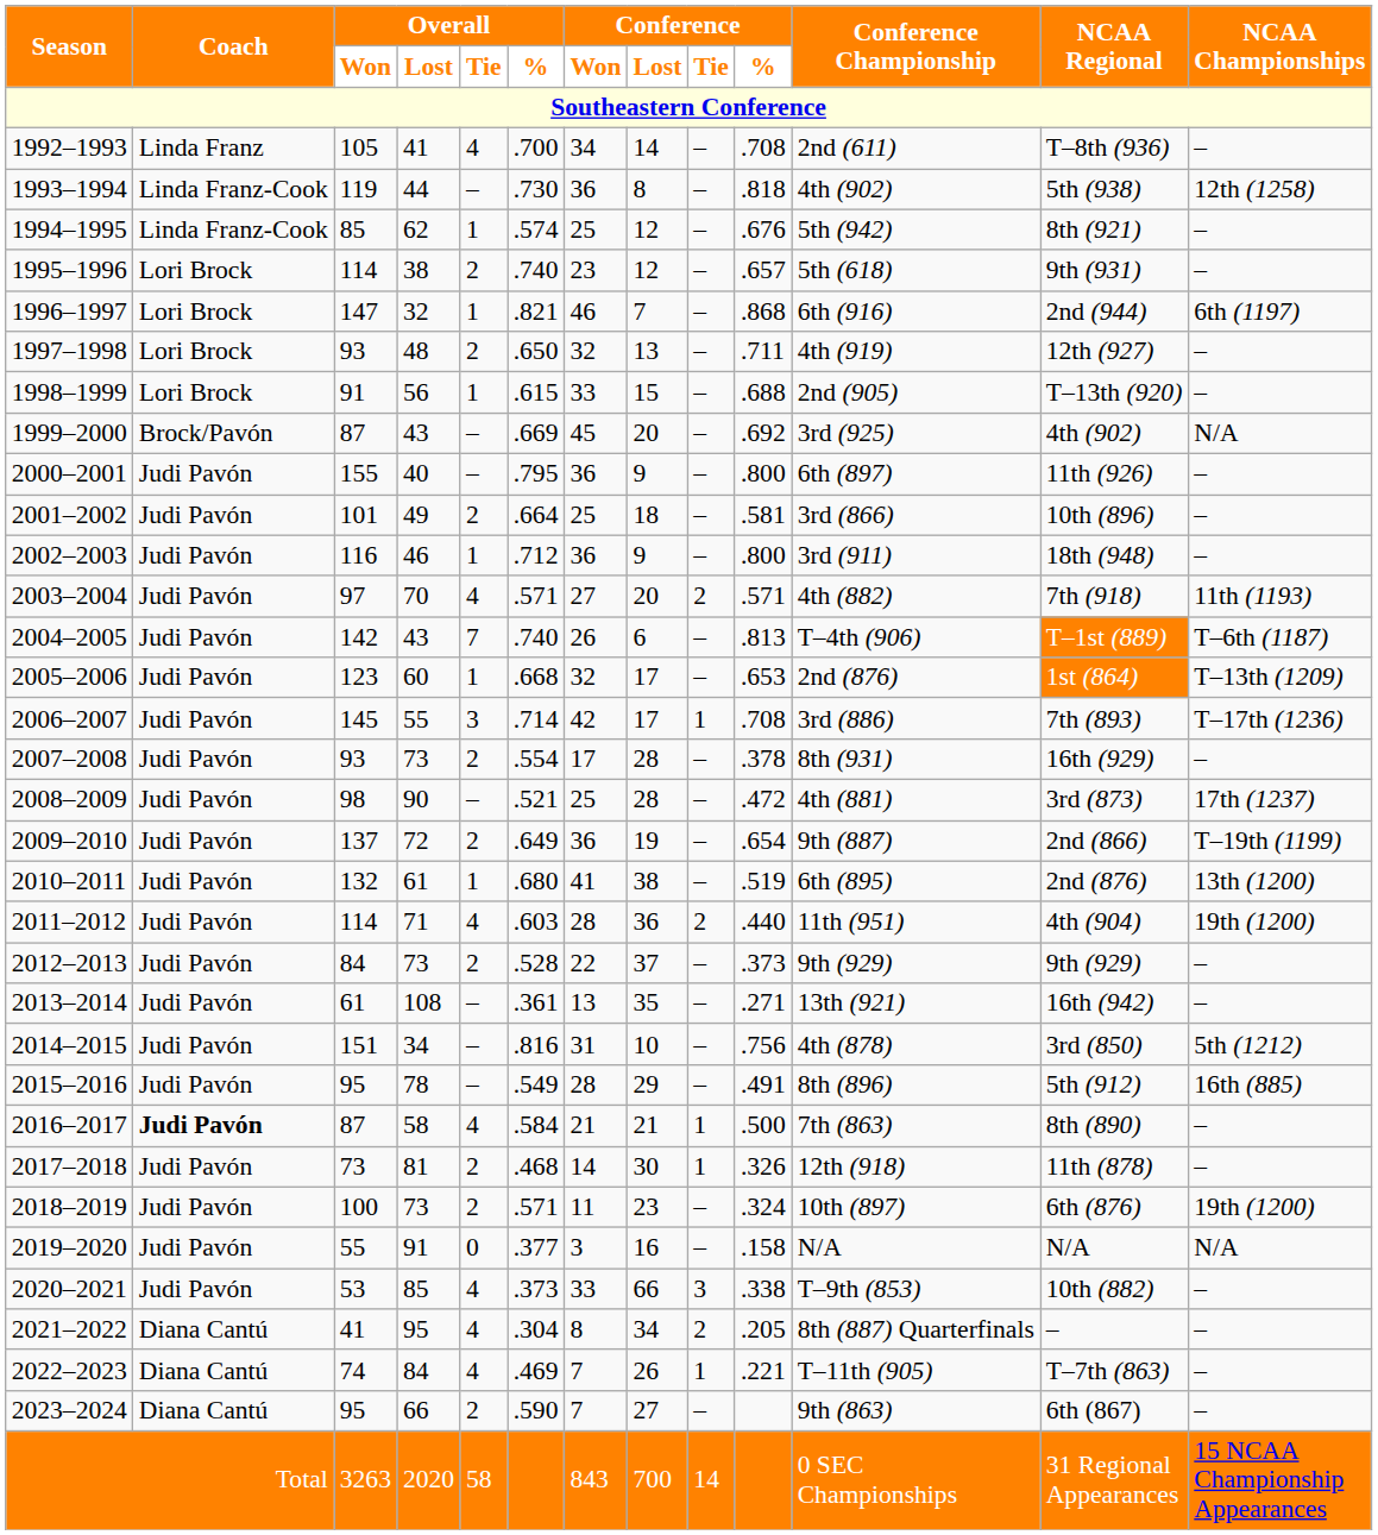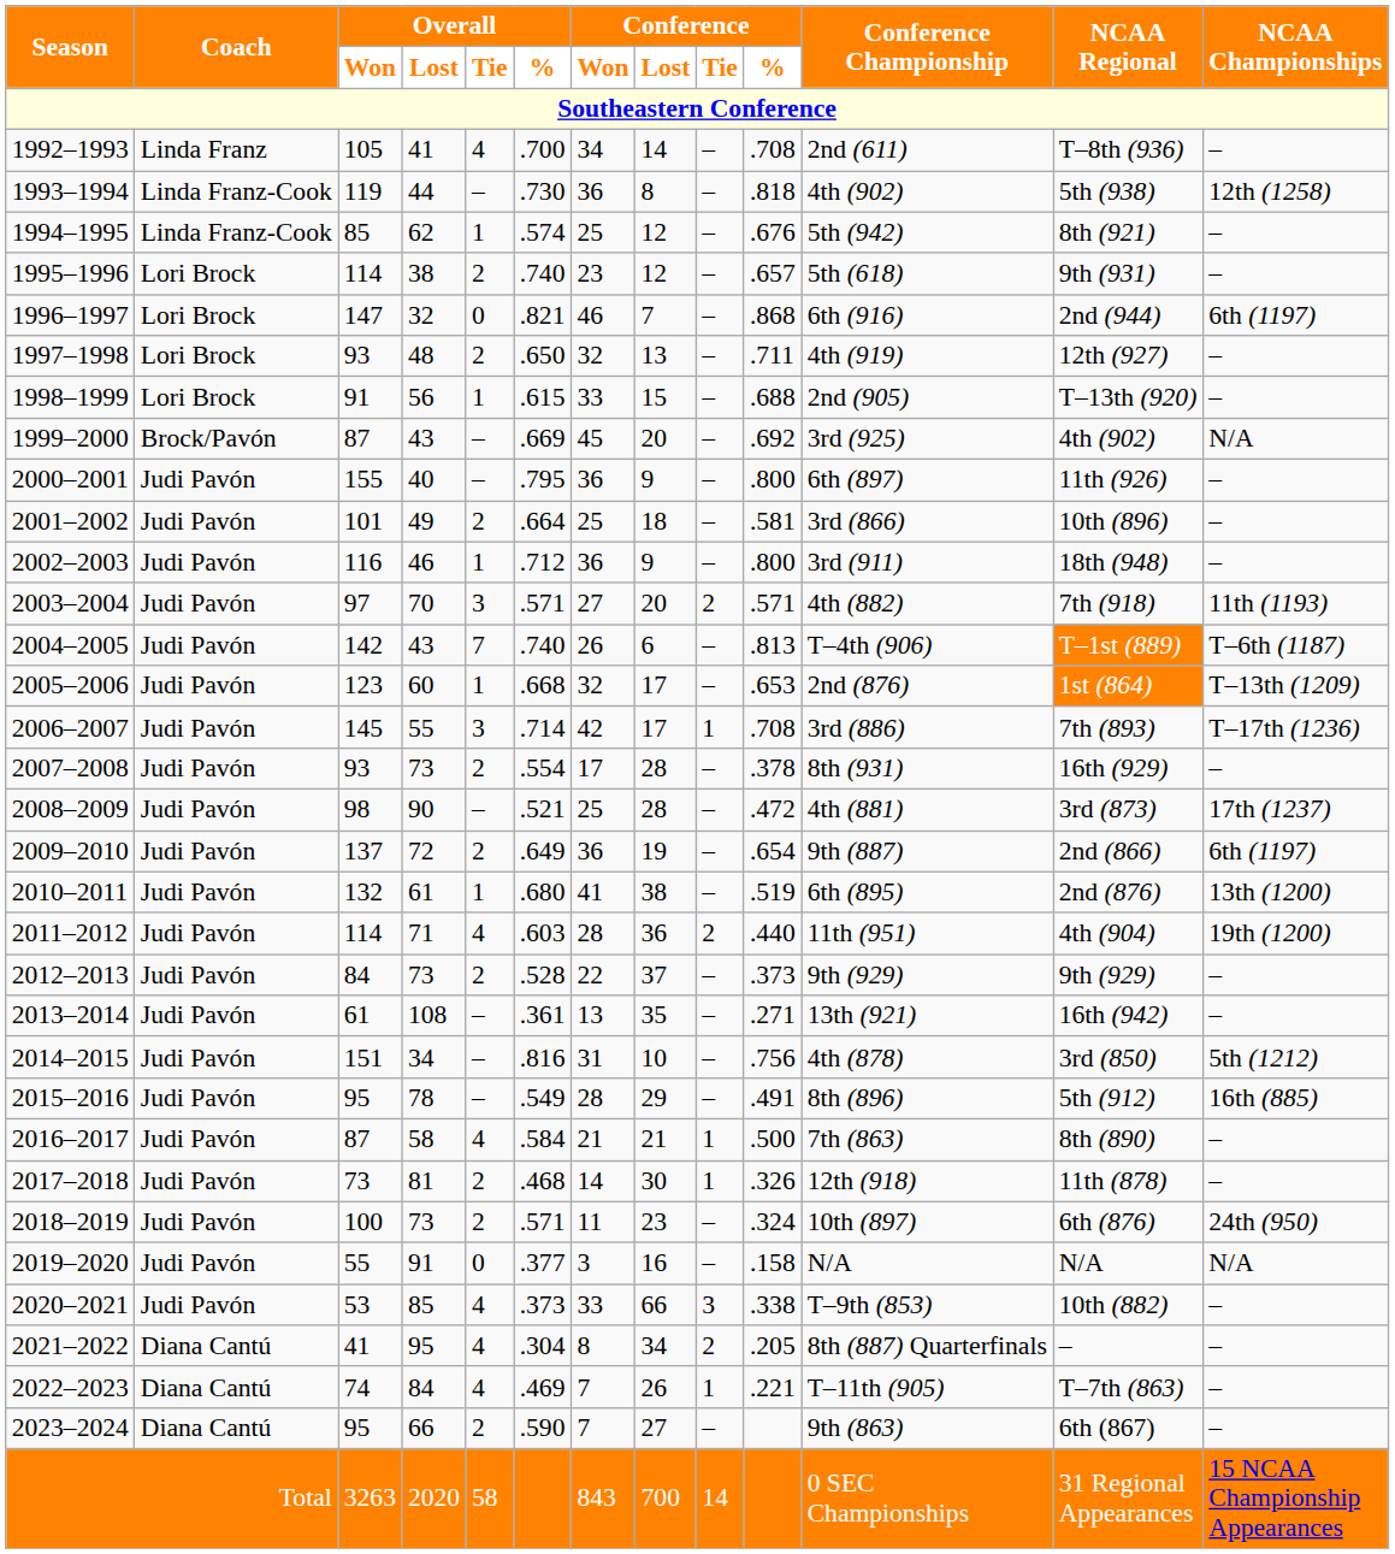 <table class="wikitable">
 <tr>
 <th rowspan="2" style="background: #FF8200; color:white;">Season</th>
 <th rowspan="2" style="background: #FF8200; color:white;">Coach</th>
 <th colspan="4" style="background: #FF8200; color:white;">Overall</th>
 <th colspan="4" style="background: #FF8200; color:white;">Conference</th>
 <th rowspan="2" style="background: #FF8200; color:white;">Conference<br>Championship</th>
 <th rowspan="2" style="background: #FF8200; color:white;">NCAA<br>Regional</th>
 <th rowspan="2" style="background: #FF8200; color:white;">NCAA<br>Championships</th>
 </tr>
 <tr>
 <td width="40px" style="width:20px; background: white; color:#FF8200; text-align:center"><strong>Won</strong></td>
 <td width="40px" style="width:20px; background: white; color:#FF8200; text-align:center"><strong>Lost</strong></td>
 <td width="40px" style="width:20px; background: white; color:#FF8200; text-align:center"><strong>Tie</strong></td>
 <td width="40px" style="width:20px; background: white; color:#FF8200; text-align:center"><strong>%</strong></td>
 <td width="40px" style="width:20px; background: white; color:#FF8200; text-align:center"><strong>Won</strong></td>
 <td width="40px" style="width:20px; background: white; color:#FF8200; text-align:center"><strong>Lost</strong></td>
 <td width="40px" style="width:20px; background: white; color:#FF8200; text-align:center"><strong>Tie</strong></td>
 <td width="40px" style="width:20px; background: white; color:#FF8200; text-align:center"><strong>%</strong></td>
 </tr>
 <tr style="background: #ffffdd;">
 <td colspan="13" style="text-align:center;"><strong><a href='#'>Southeastern Conference</a></strong></td>
 </tr>
 <tr>
 <td>1992–1993</td>
 <td>Linda Franz</td>
 <td>105</td>
 <td>41</td>
 <td>4</td>
 <td>.700</td>
 <td>34</td>
 <td>14</td>
 <td>–</td>
 <td>.708</td>
 <td>2nd <em>(611)</em></td>
 <td>T–8th <em>(936)</em></td>
 <td>–</td>
 </tr>
 <tr>
 <td>1993–1994</td>
 <td>Linda Franz-Cook</td>
 <td>119</td>
 <td>44</td>
 <td>–</td>
 <td>.730</td>
 <td>36</td>
 <td>8</td>
 <td>–</td>
 <td>.818</td>
 <td>4th <em>(902)</em></td>
 <td>5th <em>(938)</em></td>
 <td>12th <em>(1258)</em></td>
 </tr>
 <tr>
 <td>1994–1995</td>
 <td>Linda Franz-Cook</td>
 <td>85</td>
 <td>62</td>
 <td>1</td>
 <td>.574</td>
 <td>25</td>
 <td>12</td>
 <td>–</td>
 <td>.676</td>
 <td>5th <em>(942)</em></td>
 <td>8th <em>(921)</em></td>
 <td>–</td>
 </tr>
 <tr>
 <td>1995–1996</td>
 <td>Lori Brock</td>
 <td>114</td>
 <td>38</td>
 <td>2</td>
 <td>.740</td>
 <td>23</td>
 <td>12</td>
 <td>–</td>
 <td>.657</td>
 <td>5th <em>(618)</em></td>
 <td>9th <em>(931)</em></td>
 <td>–</td>
 </tr>
 <tr>
 <td>1996–1997</td>
 <td>Lori Brock</td>
 <td>147</td>
 <td>32</td>
-<td>1</td>
+<td>0</td>
 <td>.821</td>
 <td>46</td>
 <td>7</td>
 <td>–</td>
 <td>.868</td>
 <td>6th <em>(916)</em></td>
 <td>2nd <em>(944)</em></td>
 <td>6th <em>(1197)</em></td>
 </tr>
 <tr>
 <td>1997–1998</td>
 <td>Lori Brock</td>
 <td>93</td>
 <td>48</td>
 <td>2</td>
 <td>.650</td>
 <td>32</td>
 <td>13</td>
 <td>–</td>
 <td>.711</td>
 <td>4th <em>(919)</em></td>
 <td>12th <em>(927)</em></td>
 <td>–</td>
 </tr>
 <tr>
 <td>1998–1999</td>
 <td>Lori Brock</td>
 <td>91</td>
 <td>56</td>
 <td>1</td>
 <td>.615</td>
 <td>33</td>
 <td>15</td>
 <td>–</td>
 <td>.688</td>
 <td>2nd <em>(905)</em></td>
 <td>T–13th <em>(920)</em></td>
 <td>–</td>
 </tr>
 <tr>
 <td>1999–2000</td>
 <td>Brock/Pavón</td>
 <td>87</td>
 <td>43</td>
 <td>–</td>
 <td>.669</td>
 <td>45</td>
 <td>20</td>
 <td>–</td>
 <td>.692</td>
 <td>3rd <em>(925)</em></td>
 <td>4th <em>(902)</em></td>
 <td>N/A</td>
 </tr>
 <tr>
 <td>2000–2001</td>
 <td>Judi Pavón</td>
 <td>155</td>
 <td>40</td>
 <td>–</td>
 <td>.795</td>
 <td>36</td>
 <td>9</td>
 <td>–</td>
 <td>.800</td>
 <td>6th <em>(897)</em></td>
 <td>11th <em>(926)</em></td>
 <td>–</td>
 </tr>
 <tr>
 <td>2001–2002</td>
 <td>Judi Pavón</td>
 <td>101</td>
 <td>49</td>
 <td>2</td>
 <td>.664</td>
 <td>25</td>
 <td>18</td>
 <td>–</td>
 <td>.581</td>
 <td>3rd <em>(866)</em></td>
 <td>10th <em>(896)</em></td>
 <td>–</td>
 </tr>
 <tr>
 <td>2002–2003</td>
 <td>Judi Pavón</td>
 <td>116</td>
 <td>46</td>
 <td>1</td>
 <td>.712</td>
 <td>36</td>
 <td>9</td>
 <td>–</td>
 <td>.800</td>
 <td>3rd <em>(911)</em></td>
 <td>18th <em>(948)</em></td>
 <td>–</td>
 </tr>
 <tr>
 <td>2003–2004</td>
 <td>Judi Pavón</td>
 <td>97</td>
 <td>70</td>
-<td>4</td>
+<td>3</td>
 <td>.571</td>
 <td>27</td>
 <td>20</td>
 <td>2</td>
 <td>.571</td>
 <td>4th <em>(882)</em></td>
 <td>7th <em>(918)</em></td>
 <td>11th <em>(1193)</em></td>
 </tr>
 <tr>
 <td>2004–2005</td>
 <td>Judi Pavón</td>
 <td>142</td>
 <td>43</td>
 <td>7</td>
 <td>.740</td>
 <td>26</td>
 <td>6</td>
 <td>–</td>
 <td>.813</td>
 <td>T–4th <em>(906)</em></td>
 <td style="background: #FF8200; color:white">T–1st <em>(889)</em></td>
 <td>T–6th <em>(1187)</em></td>
 </tr>
 <tr>
 <td>2005–2006</td>
 <td>Judi Pavón</td>
 <td>123</td>
 <td>60</td>
 <td>1</td>
 <td>.668</td>
 <td>32</td>
 <td>17</td>
 <td>–</td>
 <td>.653</td>
 <td>2nd <em>(876)</em></td>
 <td style="background: #FF8200; color:white">1st <em>(864)</em></td>
 <td>T–13th <em>(1209)</em></td>
 </tr>
 <tr>
 <td>2006–2007</td>
 <td>Judi Pavón</td>
 <td>145</td>
 <td>55</td>
 <td>3</td>
 <td>.714</td>
 <td>42</td>
 <td>17</td>
 <td>1</td>
 <td>.708</td>
 <td>3rd <em>(886)</em></td>
 <td>7th <em>(893)</em></td>
 <td>T–17th <em>(1236)</em></td>
 </tr>
 <tr>
 <td>2007–2008</td>
 <td>Judi Pavón</td>
 <td>93</td>
 <td>73</td>
 <td>2</td>
 <td>.554</td>
 <td>17</td>
 <td>28</td>
 <td>–</td>
 <td>.378</td>
 <td>8th <em>(931)</em></td>
 <td>16th <em>(929)</em></td>
 <td>–</td>
 </tr>
 <tr>
 <td>2008–2009</td>
 <td>Judi Pavón</td>
 <td>98</td>
 <td>90</td>
 <td>–</td>
 <td>.521</td>
 <td>25</td>
 <td>28</td>
 <td>–</td>
 <td>.472</td>
 <td>4th <em>(881)</em></td>
 <td>3rd <em>(873)</em></td>
 <td>17th <em>(1237)</em></td>
 </tr>
 <tr>
 <td>2009–2010</td>
 <td>Judi Pavón</td>
 <td>137</td>
 <td>72</td>
 <td>2</td>
 <td>.649</td>
 <td>36</td>
 <td>19</td>
 <td>–</td>
 <td>.654</td>
 <td>9th <em>(887)</em></td>
 <td>2nd <em>(866)</em></td>
-<td>T–19th <em>(1199)</em></td>
+<td>6th <em>(1197)</em></td>
 </tr>
 <tr>
 <td>2010–2011</td>
 <td>Judi Pavón</td>
 <td>132</td>
 <td>61</td>
 <td>1</td>
 <td>.680</td>
 <td>41</td>
 <td>38</td>
 <td>–</td>
 <td>.519</td>
 <td>6th <em>(895)</em></td>
 <td>2nd <em>(876)</em></td>
 <td>13th <em>(1200)</em></td>
 </tr>
 <tr>
 <td>2011–2012</td>
 <td>Judi Pavón</td>
 <td>114</td>
 <td>71</td>
 <td>4</td>
 <td>.603</td>
 <td>28</td>
 <td>36</td>
 <td>2</td>
 <td>.440</td>
 <td>11th <em>(951)</em></td>
 <td>4th <em>(904)</em></td>
 <td>19th <em>(1200)</em></td>
 </tr>
 <tr>
 <td>2012–2013</td>
 <td>Judi Pavón</td>
 <td>84</td>
 <td>73</td>
 <td>2</td>
 <td>.528</td>
 <td>22</td>
 <td>37</td>
 <td>–</td>
 <td>.373</td>
 <td>9th <em>(929)</em></td>
 <td>9th <em>(929)</em></td>
 <td>–</td>
 </tr>
 <tr>
 <td>2013–2014</td>
 <td>Judi Pavón</td>
 <td>61</td>
 <td>108</td>
 <td>–</td>
 <td>.361</td>
 <td>13</td>
 <td>35</td>
 <td>–</td>
 <td>.271</td>
 <td>13th <em>(921)</em></td>
 <td>16th <em>(942)</em></td>
 <td>–</td>
 </tr>
 <tr>
 <td>2014–2015</td>
 <td>Judi Pavón</td>
 <td>151</td>
 <td>34</td>
 <td>–</td>
 <td>.816</td>
 <td>31</td>
 <td>10</td>
 <td>–</td>
 <td>.756</td>
 <td>4th <em>(878)</em></td>
 <td>3rd <em>(850)</em></td>
 <td>5th <em>(1212)</em></td>
 </tr>
 <tr>
 <td>2015–2016</td>
 <td>Judi Pavón</td>
 <td>95</td>
 <td>78</td>
 <td>–</td>
 <td>.549</td>
 <td>28</td>
 <td>29</td>
 <td>–</td>
 <td>.491</td>
 <td>8th <em>(896)</em></td>
 <td>5th <em>(912)</em></td>
 <td>16th <em>(885)</em></td>
 </tr>
 <tr>
 <td>2016–2017</td>
-<td><strong>Judi Pavón</strong></td>
+<td>Judi Pavón</td>
 <td>87</td>
 <td>58</td>
 <td>4</td>
 <td>.584</td>
 <td>21</td>
 <td>21</td>
 <td>1</td>
 <td>.500</td>
 <td>7th <em>(863)</em></td>
 <td>8th <em>(890)</em></td>
 <td>–</td>
 </tr>
 <tr>
 <td>2017–2018</td>
 <td>Judi Pavón</td>
 <td>73</td>
 <td>81</td>
 <td>2</td>
 <td>.468</td>
 <td>14</td>
 <td>30</td>
 <td>1</td>
 <td>.326</td>
 <td>12th <em>(918)</em></td>
 <td>11th <em>(878)</em></td>
 <td>–</td>
 </tr>
 <tr>
 <td>2018–2019</td>
 <td>Judi Pavón</td>
 <td>100</td>
 <td>73</td>
 <td>2</td>
 <td>.571</td>
 <td>11</td>
 <td>23</td>
 <td>–</td>
 <td>.324</td>
 <td>10th <em>(897)</em></td>
 <td>6th <em>(876)</em></td>
-<td>19th <em>(1200)</em></td>
+<td>24th <em>(950)</em></td>
 </tr>
 <tr>
 <td>2019–2020</td>
 <td>Judi Pavón</td>
 <td>55</td>
 <td>91</td>
 <td>0</td>
 <td>.377</td>
 <td>3</td>
 <td>16</td>
 <td>–</td>
 <td>.158</td>
 <td>N/A</td>
 <td>N/A</td>
 <td>N/A</td>
 </tr>
 <tr>
 <td>2020–2021</td>
 <td>Judi Pavón</td>
 <td>53</td>
 <td>85</td>
 <td>4</td>
 <td>.373</td>
 <td>33</td>
 <td>66</td>
 <td>3</td>
 <td>.338</td>
 <td>T–9th <em>(853)</em></td>
 <td>10th <em>(882)</em></td>
 <td>–</td>
 </tr>
 <tr>
 <td>2021–2022</td>
 <td>Diana Cantú</td>
 <td>41</td>
 <td>95</td>
 <td>4</td>
 <td>.304</td>
 <td>8</td>
 <td>34</td>
 <td>2</td>
 <td>.205</td>
 <td>8th <em>(887)</em> Quarterfinals</td>
 <td>–</td>
 <td>–</td>
 </tr>
 <tr>
 <td>2022–2023</td>
 <td>Diana Cantú</td>
 <td>74</td>
 <td>84</td>
 <td>4</td>
 <td>.469</td>
 <td>7</td>
 <td>26</td>
 <td>1</td>
 <td>.221</td>
 <td>T–11th <em>(905)</em></td>
 <td>T–7th <em>(863)</em></td>
 <td>–</td>
 </tr>
 <tr>
 <td>2023–2024</td>
 <td>Diana Cantú</td>
 <td>95</td>
 <td>66</td>
 <td>2</td>
 <td>.590</td>
 <td>7</td>
 <td>27</td>
 <td>–</td>
 <td></td>
 <td>9th <em>(863)</td>
 <td>6th </em>(867)<em></td>
 <td>–</td>
 </tr>
 <tr style="background: #FF8200; color:white">
 <td colspan="2" align="right">Total</td>
 <td>3263</td>
 <td>2020</td>
 <td>58</td>
 <td></td>
 <td>843</td>
 <td>700</td>
 <td>14</td>
 <td></td>
 <td>0 SEC<br>Championships</td>
 <td>31 Regional<br>Appearances</td>
 <td><a href='#'>15 NCAA<br>Championship<br>Appearances</a></td>
 </tr>
 </table>
